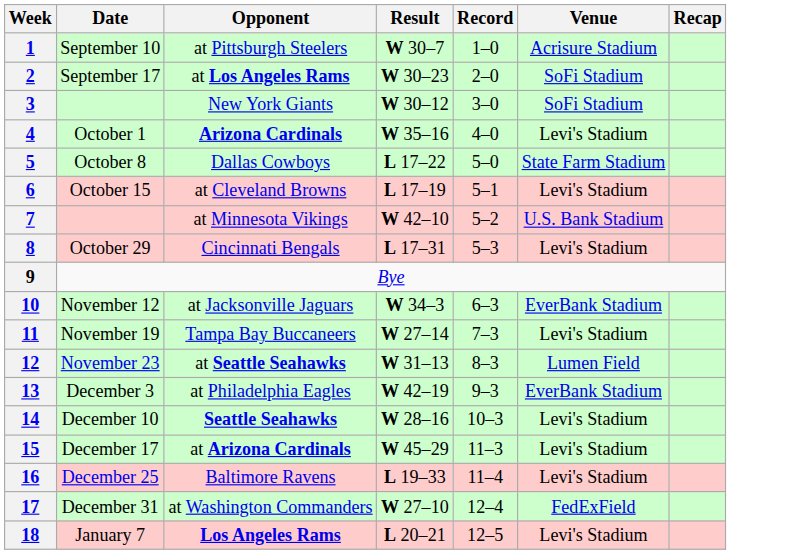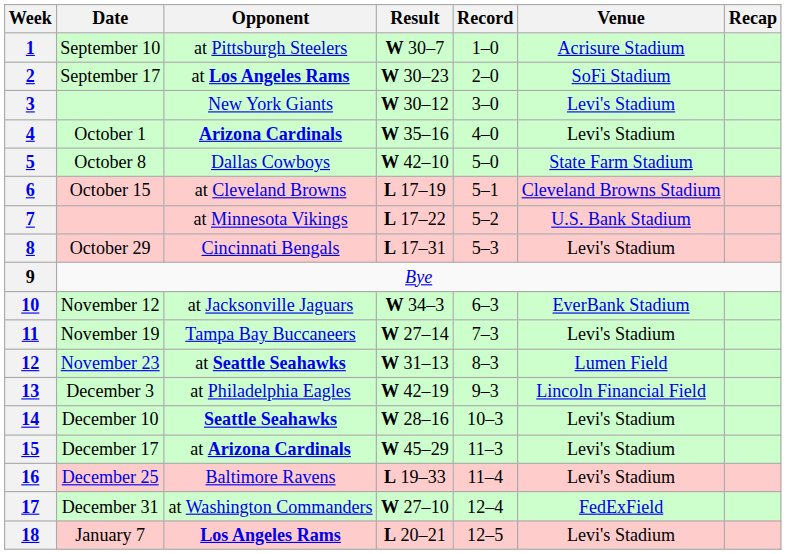 <table class="wikitable" style="text-align:center">
 <tr>
 <th>Week</th>
 <th>Date</th>
 <th>Opponent</th>
 <th>Result</th>
 <th>Record</th>
 <th>Venue</th>
 <th>Recap</th>
 </tr>
 <tr style="background:#cfc">
 <th><a href='#'>1</a></th>
 <td>September 10</td>
 <td>at <a href='#'>Pittsburgh Steelers</a></td>
 <td><strong>W</strong> 30–7</td>
 <td>1–0</td>
 <td><a href='#'>Acrisure Stadium</a></td>
 <td></td>
 </tr>
 <tr style="background:#cfc">
 <th><a href='#'>2</a></th>
 <td>September 17</td>
 <td>at <strong><a href='#'>Los Angeles Rams</a></strong></td>
 <td><strong>W</strong> 30–23</td>
 <td>2–0</td>
 <td><a href='#'>SoFi Stadium</a></td>
 <td></td>
 </tr>
 <tr style="background:#cfc">
 <th><a href='#'>3</a></th>
 <td></td>
 <td><a href='#'>New York Giants</a></td>
 <td><strong>W</strong> 30–12</td>
 <td>3–0</td>
-<td><a href='#'>SoFi Stadium</a></td>
+<td><a href='#'>Levi's Stadium</a></td>
 <td></td>
 </tr>
 <tr style="background:#cfc">
 <th><a href='#'>4</a></th>
 <td>October 1</td>
 <td><strong><a href='#'>Arizona Cardinals</a></strong></td>
 <td><strong>W</strong> 35–16</td>
 <td>4–0</td>
 <td>Levi's Stadium</td>
 <td></td>
 </tr>
 <tr style="background:#cfc">
 <th><a href='#'>5</a></th>
 <td>October 8</td>
 <td><a href='#'>Dallas Cowboys</a></td>
-<td><strong>L</strong> 17–22</td>
+<td><strong>W</strong> 42–10</td>
 <td>5–0</td>
 <td><a href='#'>State Farm Stadium</a></td>
 <td></td>
 </tr>
 <tr style="background:#fcc">
 <th><a href='#'>6</a></th>
 <td>October 15</td>
 <td>at <a href='#'>Cleveland Browns</a></td>
 <td><strong>L</strong> 17–19</td>
 <td>5–1</td>
-<td>Levi's Stadium</td>
+<td><a href='#'>Cleveland Browns Stadium</a></td>
 <td></td>
 </tr>
 <tr style="background:#fcc">
 <th><a href='#'>7</a></th>
 <td></td>
 <td>at <a href='#'>Minnesota Vikings</a></td>
-<td><strong>W</strong> 42–10</td>
+<td><strong>L</strong> 17–22</td>
 <td>5–2</td>
 <td><a href='#'>U.S. Bank Stadium</a></td>
 <td></td>
 </tr>
 <tr style="background:#fcc">
 <th><a href='#'>8</a></th>
 <td>October 29</td>
 <td><a href='#'>Cincinnati Bengals</a></td>
 <td><strong>L</strong> 17–31</td>
 <td>5–3</td>
 <td>Levi's Stadium</td>
 <td></td>
 </tr>
 <tr>
 <th>9</th>
 <td colspan="6"><em><a href='#'>Bye</a></em></td>
 </tr>
 <tr style="background:#cfc">
 <th><a href='#'>10</a></th>
 <td>November 12</td>
 <td>at <a href='#'>Jacksonville Jaguars</a></td>
 <td><strong>W</strong> 34–3</td>
 <td>6–3</td>
 <td><a href='#'>EverBank Stadium</a></td>
 <td></td>
 </tr>
 <tr style="background:#cfc">
 <th><a href='#'>11</a></th>
 <td>November 19</td>
 <td><a href='#'>Tampa Bay Buccaneers</a></td>
 <td><strong>W</strong> 27–14</td>
 <td>7–3</td>
 <td>Levi's Stadium</td>
 <td></td>
 </tr>
 <tr style="background:#cfc">
 <th><a href='#'>12</a></th>
 <td><a href='#'>November 23</a></td>
 <td>at <strong><a href='#'>Seattle Seahawks</a></strong></td>
 <td><strong>W</strong> 31–13</td>
 <td>8–3</td>
 <td><a href='#'>Lumen Field</a></td>
 <td></td>
 </tr>
 <tr style="background:#cfc">
 <th><a href='#'>13</a></th>
 <td>December 3</td>
 <td>at <a href='#'>Philadelphia Eagles</a></td>
 <td><strong>W</strong> 42–19</td>
 <td>9–3</td>
-<td><a href='#'>EverBank Stadium</a></td>
+<td><a href='#'>Lincoln Financial Field</a></td>
 <td></td>
 </tr>
 <tr style="background:#cfc">
 <th><a href='#'>14</a></th>
 <td>December 10</td>
 <td><strong><a href='#'>Seattle Seahawks</a></strong></td>
 <td><strong>W</strong> 28–16</td>
 <td>10–3</td>
 <td>Levi's Stadium</td>
 <td></td>
 </tr>
 <tr style="background:#cfc">
 <th><a href='#'>15</a></th>
 <td>December 17</td>
 <td>at <strong><a href='#'>Arizona Cardinals</a></strong></td>
 <td><strong>W</strong> 45–29</td>
 <td>11–3</td>
 <td>Levi's Stadium</td>
 <td></td>
 </tr>
 <tr style="background:#fcc">
 <th><a href='#'>16</a></th>
 <td><a href='#'>December 25</a></td>
 <td><a href='#'>Baltimore Ravens</a></td>
 <td><strong>L</strong> 19–33</td>
 <td>11–4</td>
 <td>Levi's Stadium</td>
 <td></td>
 </tr>
 <tr style="background:#cfc">
 <th><a href='#'>17</a></th>
 <td>December 31</td>
 <td>at <a href='#'>Washington Commanders</a></td>
 <td><strong>W</strong> 27–10</td>
 <td>12–4</td>
 <td><a href='#'>FedExField</a></td>
 <td></td>
 </tr>
 <tr style="background:#fcc">
 <th><a href='#'>18</a></th>
 <td>January 7</td>
 <td><strong><a href='#'>Los Angeles Rams</a></strong></td>
 <td><strong>L</strong> 20–21</td>
 <td>12–5</td>
 <td>Levi's Stadium</td>
 <td></td>
 </tr>
 </table>
